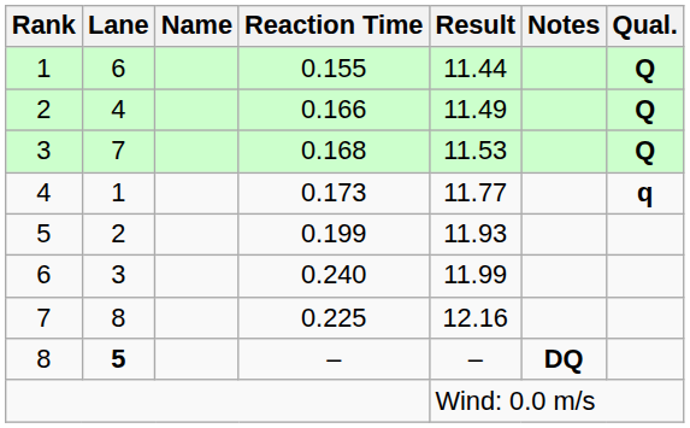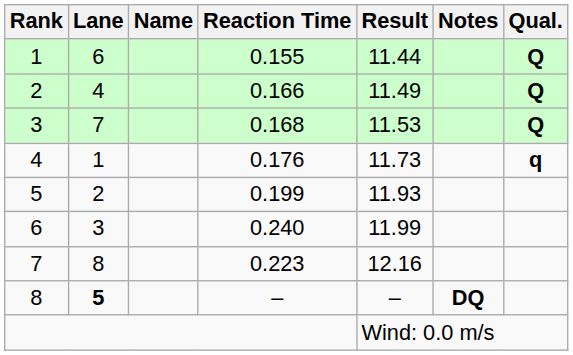 <table class="wikitable" style="text-align:center">
 <tr>
 <th>Rank</th>
 <th>Lane</th>
 <th>Name</th>
 <th>Reaction Time</th>
 <th>Result</th>
 <th>Notes</th>
 <th>Qual.</th>
 </tr>
 <tr bgcolor=ccffcc>
 <td>1</td>
 <td>6</td>
 <td align="left"></td>
 <td>0.155</td>
 <td>11.44</td>
 <td></td>
 <td><strong>Q</strong></td>
 </tr>
 <tr bgcolor=ccffcc>
 <td>2</td>
 <td>4</td>
 <td align="left"></td>
 <td>0.166</td>
 <td>11.49</td>
 <td></td>
 <td><strong>Q</strong></td>
 </tr>
 <tr bgcolor=ccffcc>
 <td>3</td>
 <td>7</td>
 <td align="left"></td>
 <td>0.168</td>
 <td>11.53</td>
 <td></td>
 <td><strong>Q</strong></td>
 </tr>
 <tr -bgcolor=ddffdd>
 <td>4</td>
 <td>1</td>
 <td align="left"></td>
-<td>0.173</td>
-<td>11.77</td>
+<td>0.176</td>
+<td>11.73</td>
 <td></td>
 <td><strong>q</strong></td>
 </tr>
 <tr>
 <td>5</td>
 <td>2</td>
 <td align="left"></td>
 <td>0.199</td>
 <td>11.93</td>
 <td></td>
 <td></td>
 </tr>
 <tr>
 <td>6</td>
 <td>3</td>
 <td align="left"></td>
 <td>0.240</td>
 <td>11.99</td>
 <td></td>
 <td></td>
 </tr>
 <tr>
 <td>7</td>
 <td>8</td>
 <td align="left"></td>
-<td>0.225</td>
+<td>0.223</td>
 <td>12.16</td>
 <td></td>
 <td></td>
 </tr>
 <tr>
 <td>8</td>
 <td><strong>5</strong></td>
 <td align="left"></td>
 <td>–</td>
 <td>–</td>
 <td><strong>DQ</strong></td>
 <td></td>
 </tr>
 <tr class="sortbottom">
 <td colspan=4></td>
 <td colspan="3" style="text-align:left;">Wind: 0.0 m/s</td>
 </tr>
 </table>
